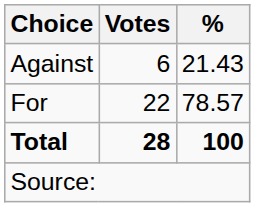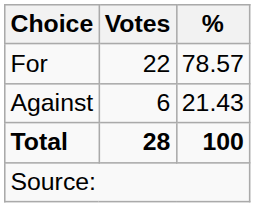 <table class=wikitable style=text-align:right>
 <tr>
 <th>Choice</th>
 <th>Votes</th>
 <th>%</th>
 </tr>
 <tr>
+<td align=left>For</td>
+<td>22</td>
+<td>78.57</td>
+</tr>
+<tr>
 <td align=left>Against</td>
 <td>6</td>
 <td>21.43</td>
-</tr>
-<tr>
-<td align=left>For</td>
-<td>22</td>
-<td>78.57</td>
 </tr>
 <tr>
 <td align=left><strong>Total</strong></td>
 <td><strong>28</strong></td>
 <td><strong>100</strong></td>
 </tr>
 <tr>
 <td align=left colspan=3>Source: </td>
 </tr>
 </table>
